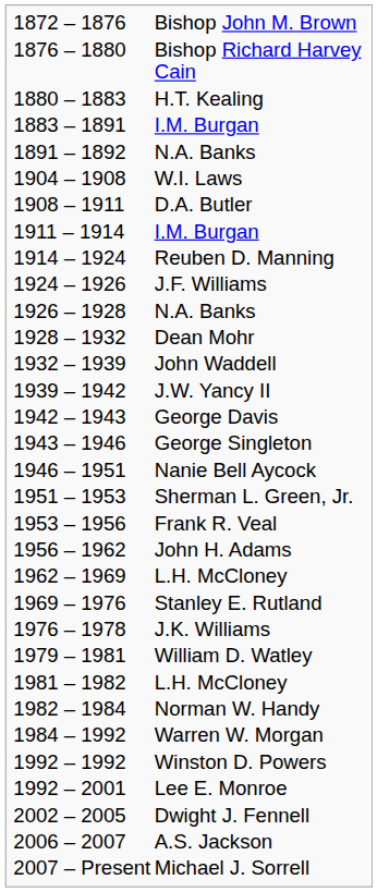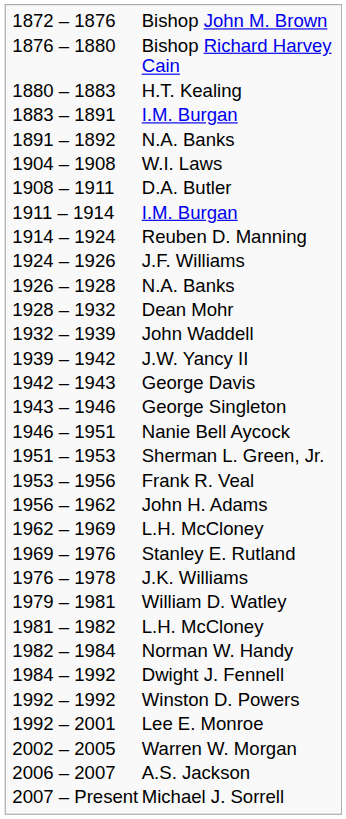 <table class="infobox" style="font-size: 100%;" cellspacing="1" cellpadding="1">
 <tr>
 <td>1872 – 1876</td>
 <td style="width:125pt;">Bishop <a href='#'>John M. Brown</a></td>
 </tr>
 <tr>
 <td>1876 – 1880</td>
 <td style="width:125pt;">Bishop <a href='#'>Richard Harvey Cain</a></td>
 </tr>
 <tr>
 <td>1880 – 1883</td>
 <td style="width:125pt;">H.T. Kealing</td>
 </tr>
 <tr>
 <td>1883 – 1891</td>
 <td style="width:125pt;"><a href='#'>I.M. Burgan</a></td>
 </tr>
 <tr>
 <td>1891 – 1892</td>
 <td style="width:125pt;">N.A. Banks</td>
 </tr>
 <tr>
 <td>1904 – 1908</td>
 <td style="width:125pt;">W.I. Laws</td>
 </tr>
 <tr>
 <td>1908 – 1911</td>
 <td style="width:125pt;">D.A. Butler</td>
 </tr>
 <tr>
 <td>1911 – 1914</td>
 <td style="width:125pt;"><a href='#'>I.M. Burgan</a></td>
 </tr>
 <tr>
 <td>1914 – 1924</td>
 <td style="width:125pt;">Reuben D. Manning</td>
 </tr>
 <tr>
 <td>1924 – 1926</td>
 <td style="width:125pt;">J.F. Williams</td>
 </tr>
 <tr>
 <td>1926 – 1928</td>
 <td style="width:125pt;">N.A. Banks</td>
 </tr>
 <tr>
 <td>1928 – 1932</td>
 <td style="width:125pt;">Dean Mohr</td>
 </tr>
 <tr>
 <td>1932 – 1939</td>
 <td style="width:125pt;">John Waddell</td>
 </tr>
 <tr>
 <td>1939 – 1942</td>
 <td style="width:125pt;">J.W. Yancy II</td>
 </tr>
 <tr>
 <td>1942 – 1943</td>
 <td style="width:125pt;">George Davis</td>
 </tr>
 <tr>
 <td>1943 – 1946</td>
 <td style="width:125pt;">George Singleton</td>
 </tr>
 <tr>
 <td>1946 – 1951</td>
 <td style="width:125pt;">Nanie Bell Aycock</td>
 </tr>
 <tr>
 <td>1951 – 1953</td>
 <td style="width:125pt;">Sherman L. Green, Jr.</td>
 </tr>
 <tr>
 <td>1953 – 1956</td>
 <td style="width:125pt;">Frank R. Veal</td>
 </tr>
 <tr>
 <td>1956 – 1962</td>
 <td style="width:125pt;">John H. Adams</td>
 </tr>
 <tr>
 <td>1962 – 1969</td>
 <td style="width:125pt;">L.H. McCloney</td>
 </tr>
 <tr>
 <td>1969 – 1976</td>
 <td style="width:125pt;">Stanley E. Rutland</td>
 </tr>
 <tr>
 <td>1976 – 1978</td>
 <td style="width:125pt;">J.K. Williams</td>
 </tr>
 <tr>
 <td>1979 – 1981</td>
 <td style="width:125pt;">William D. Watley</td>
 </tr>
 <tr>
 <td>1981 – 1982</td>
 <td style="width:125pt;">L.H. McCloney</td>
 </tr>
 <tr>
 <td>1982 – 1984</td>
 <td style="width:125pt;">Norman W. Handy</td>
 </tr>
 <tr>
 <td>1984 – 1992</td>
-<td style="width:125pt;">Warren W. Morgan</td>
+<td style="width:125pt;">Dwight J. Fennell</td>
 </tr>
 <tr>
 <td>1992 – 1992</td>
 <td style="width:125pt;">Winston D. Powers</td>
 </tr>
 <tr>
 <td>1992 – 2001</td>
 <td style="width:125pt;">Lee E. Monroe</td>
 </tr>
 <tr>
 <td>2002 – 2005</td>
-<td style="width:125pt;">Dwight J. Fennell</td>
+<td style="width:125pt;">Warren W. Morgan</td>
 </tr>
 <tr>
 <td>2006 – 2007</td>
 <td style="width:125pt;">A.S. Jackson</td>
 </tr>
 <tr>
 <td>2007 – Present</td>
 <td style="width:125pt; ">Michael J. Sorrell</td>
 </tr>
 </table>
